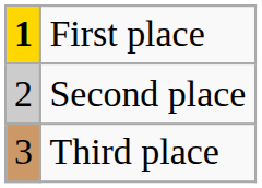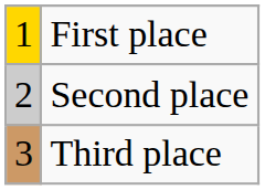 <table class="wikitable">
 <tr>
 </tr>
 <tr>
-<td style="text-align:center; background-color:#FFD700;"><strong>1</strong></td>
+<td style="text-align:center; background-color:#FFD700;">1</td>
 <td>First place</td>
 </tr>
 <tr>
 <td style="text-align:center; background-color:#CCC;">2</td>
 <td>Second place</td>
 </tr>
 <tr>
 <td style="text-align:center; background-color:#C96;">3</td>
 <td>Third place</td>
 </tr>
 </table>
